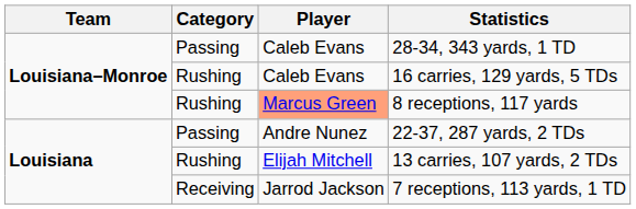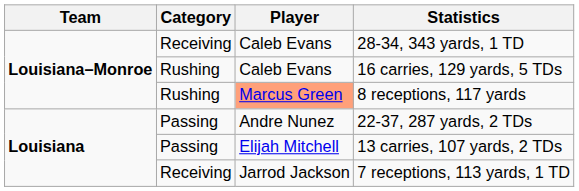 <table class="wikitable" style="float: left;">
 <tr>
 <th>Team</th>
 <th>Category</th>
 <th>Player</th>
 <th>Statistics</th>
 </tr>
 <tr>
 <td rowspan=3><strong>Louisiana–Monroe</strong></td>
-<td>Passing</td>
+<td>Receiving</td>
 <td>Caleb Evans</td>
 <td>28-34, 343 yards, 1 TD</td>
 </tr>
 <tr>
 <td>Rushing</td>
 <td>Caleb Evans</td>
 <td>16 carries, 129 yards, 5 TDs</td>
 </tr>
 <tr>
 <td>Rushing</td>
 <td style="background: lightsalmon;"><a href='#'>Marcus Green</a></td>
 <td>8 receptions, 117 yards</td>
 </tr>
 <tr>
 <td rowspan=3><strong>Louisiana</strong></td>
 <td>Passing</td>
 <td>Andre Nunez</td>
 <td>22-37, 287 yards, 2 TDs</td>
 </tr>
 <tr>
-<td>Rushing</td>
+<td>Passing</td>
 <td><a href='#'>Elijah Mitchell</a></td>
 <td>13 carries, 107 yards, 2 TDs</td>
 </tr>
 <tr>
 <td>Receiving</td>
 <td>Jarrod Jackson</td>
 <td>7 receptions, 113 yards, 1 TD</td>
 </tr>
 </table>
